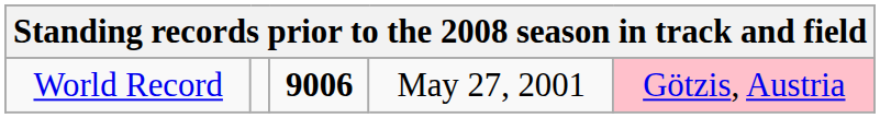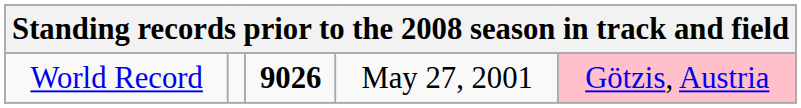 <table class="wikitable" style=" text-align:center;">
 <tr>
 <th colspan="5">Standing records prior to the 2008 season in track and field</th>
 </tr>
 <tr>
 <td><a href='#'>World Record</a></td>
 <td></td>
-<td><strong>9006</strong></td>
+<td><strong>9026</strong></td>
 <td>May 27, 2001</td>
 <td style="background: pink;"> <a href='#'>Götzis</a>, <a href='#'>Austria</a></td>
 </tr>
 </table>
